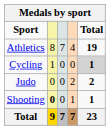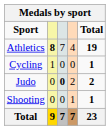 <table class="wikitable" style="font-size:85%">
 <tr style="background:#efefef;">
 <th colspan=7><strong>Medals by sport</strong></th>
 </tr>
 <tr align=center>
 <td><strong>Sport</strong></td>
 <td bgcolor=#f7f6a8></td>
 <td bgcolor=#dce5e5></td>
 <td bgcolor=#ffdab9></td>
 <td><strong>Total</strong></td>
 </tr>
 <tr align=center>
 <td><a href='#'>Athletics</a></td>
-<td style="background:#F7F6A8;">8</td>
+<td style="background:#F7F6A8;"><strong>8</strong></td>
 <td style="background:#DCE5E5;">7</td>
 <td style="background:#FFDAB9;">4</td>
 <td><strong>19</strong></td>
 </tr>
 <tr align=center>
 <td><a href='#'>Cycling</a></td>
 <td style="background:#F7F6A8;">1</td>
 <td style="background:#DCE5E5;">0</td>
 <td style="background:#FFDAB9;">0</td>
-<td style="background: lightgrey;"><strong>1</strong></td>
+<td><strong>1</strong></td>
 </tr>
 <tr align=center>
 <td><a href='#'>Judo</a></td>
 <td style="background:#F7F6A8;">0</td>
-<td style="background:#DCE5E5;">0</td>
+<td style="background:#DCE5E5;"><strong>0</strong></td>
 <td style="background:#FFDAB9;">2</td>
 <td><strong>2</strong></td>
 </tr>
 <tr align=center>
 <td><a href='#'>Shooting</a></td>
-<td style="background:#F7F6A8;"><strong>0</strong></td>
+<td style="background:#F7F6A8;">0</td>
 <td style="background:#DCE5E5;">0</td>
 <td style="background:#FFDAB9;">1</td>
 <td><strong>1</strong></td>
 </tr>
 <tr align=center>
 <th><strong>Total</strong></th>
 <th style="background:gold;"><strong>9</strong></th>
 <th style="background:silver;"><strong>7</strong></th>
 <th style="background:#c96;"><strong>7</strong></th>
 <th><strong>23</strong></th>
 </tr>
 </table>
